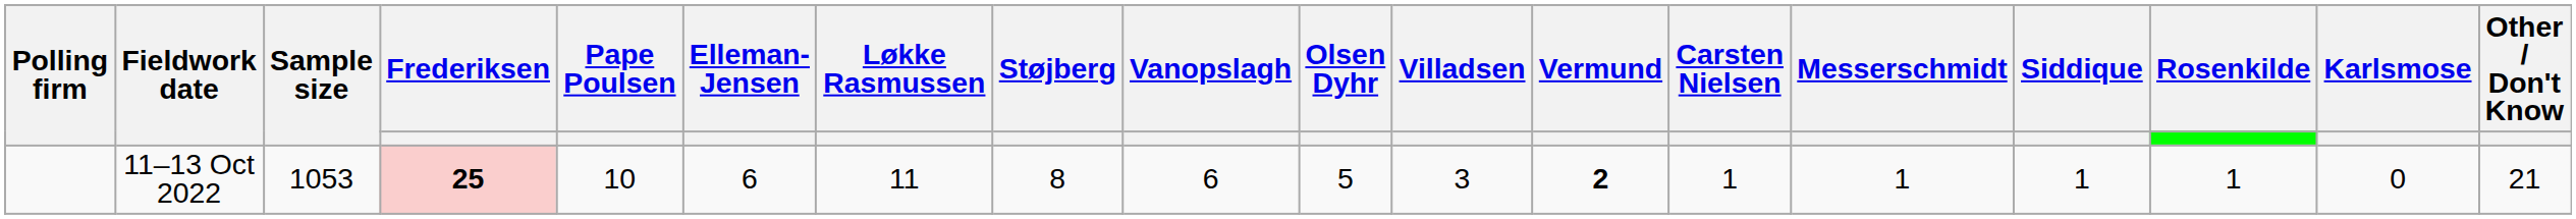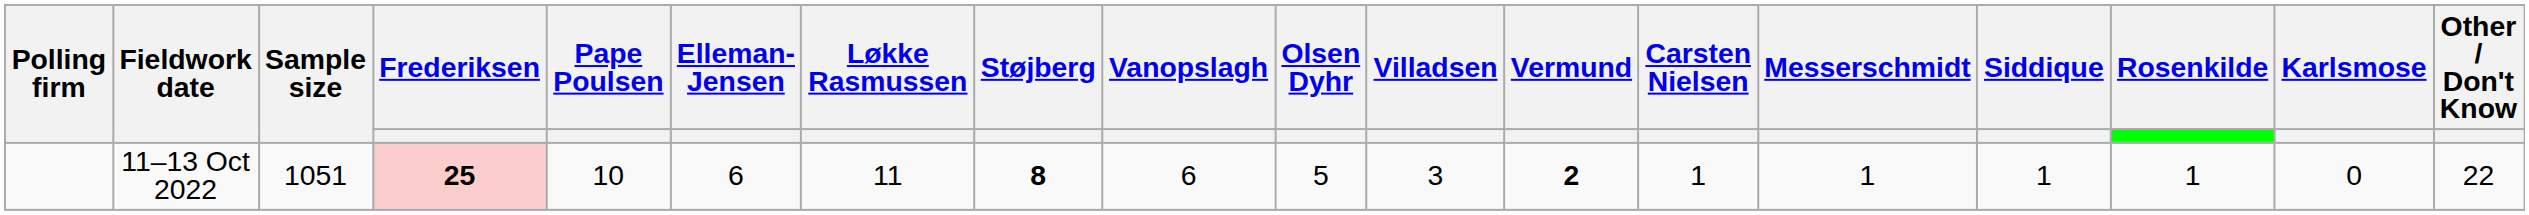 <table class="wikitable sortable mw-datatable" style="text-align:center;font-size:90%;line-height:14px;">
 <tr style="height:40px;">
 <th rowspan="2" style="width:160px;">Polling firm</th>
 <th rowspan="2" style="width:125px;">Fieldwork date</th>
 <th rowspan="2" style="width:35px;">Sample<br>size</th>
 <th class="unsortable" style="width:60px;"><a href='#'>Frederiksen</a><br></th>
 <th class="unsortable" style="width:60px;"><a href='#'>Pape Poulsen</a><br></th>
 <th class="unsortable" style="width:60px;"><a href='#'>Elleman-Jensen</a><br></th>
 <th class="unsortable" style="width:60px;"><a href='#'>Løkke Rasmussen</a><br></th>
 <th class="unsortable" style="width:60px;"><a href='#'>Støjberg</a><br></th>
 <th class="unsortable" style="width:60px;"><a href='#'>Vanopslagh</a><br></th>
 <th class="unsortable" style="width:60px;"><a href='#'>Olsen Dyhr</a><br></th>
 <th class="unsortable" style="width:60px;"><a href='#'>Villadsen</a><br></th>
 <th class="unsortable" style="width:60px;"><a href='#'>Vermund</a><br></th>
 <th class="unsortable" style="width:60px;"><a href='#'>Carsten Nielsen</a><br></th>
 <th class="unsortable" style="width:60px;"><a href='#'>Messerschmidt</a><br></th>
 <th class="unsortable" style="width:60px;"><a href='#'>Siddique</a><br></th>
 <th class="unsortable" style="width:60px;"><a href='#'>Rosenkilde</a><br></th>
 <th class="unsortable" style="width:60px;"><a href='#'>Karlsmose</a><br></th>
 <th class="unsortable" style="width:60px;">Other / Don't Know</th>
 </tr>
 <tr>
 <th style="color:inherit;background:"></th>
 <th style="color:inherit;background:"></th>
 <th style="color:inherit;background:"></th>
 <th style="color:inherit;background:"></th>
 <th style="color:inherit;background:"></th>
 <th style="color:inherit;background:"></th>
 <th style="color:inherit;background:"></th>
 <th style="color:inherit;background:"></th>
 <th style="color:inherit;background:"></th>
 <th style="color:inherit;background:"></th>
 <th style="color:inherit;background:"></th>
 <th style="color:inherit;background:"></th>
 <th style="color:inherit;background:#00FF00;"></th>
 <th style="color:inherit;background:"></th>
 <th style="color:inherit;background:"></th>
 </tr>
 <tr>
 <td></td>
 <td>11–13 Oct 2022</td>
-<td>1053</td>
+<td>1051</td>
 <td style="background:#FACECD;" 24><strong>25</strong></td>
 <td>10</td>
 <td>6</td>
 <td>11</td>
-<td>8</td>
+<td><strong>8</strong></td>
 <td>6</td>
 <td>5</td>
 <td>3</td>
 <td><strong>2</strong></td>
 <td>1</td>
 <td>1</td>
 <td>1</td>
 <td>1</td>
 <td>0</td>
-<td>21</td>
+<td>22</td>
 </tr>
 </table>
